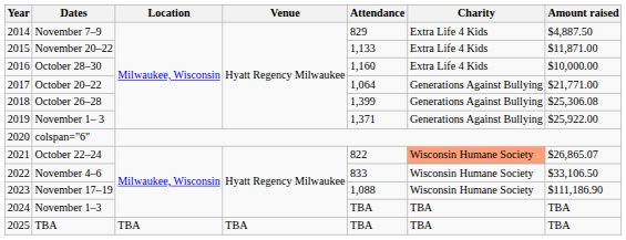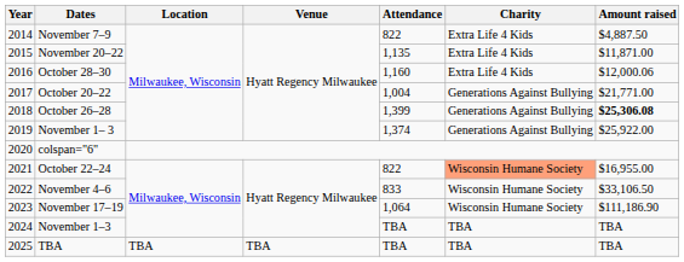 <table class="wikitable" border="1">
 <tr>
 <th>Year</th>
 <th>Dates</th>
 <th>Location</th>
 <th>Venue</th>
 <th>Attendance</th>
 <th>Charity</th>
 <th>Amount raised</th>
 </tr>
 <tr>
 <td>2014</td>
 <td>November 7–9</td>
 <td rowspan="6"><a href='#'>Milwaukee, Wisconsin</a></td>
 <td rowspan="6">Hyatt Regency Milwaukee</td>
-<td>829</td>
+<td>822</td>
 <td>Extra Life 4 Kids</td>
 <td>$4,887.50</td>
 </tr>
 <tr>
 <td>2015</td>
 <td>November 20–22</td>
-<td>1,133</td>
+<td>1,135</td>
 <td>Extra Life 4 Kids</td>
 <td>$11,871.00</td>
 </tr>
 <tr>
 <td>2016</td>
 <td>October 28–30</td>
 <td>1,160</td>
 <td>Extra Life 4 Kids</td>
-<td>$10,000.00</td>
+<td>$12,000.06</td>
 </tr>
 <tr>
 <td>2017</td>
 <td>October 20–22</td>
-<td>1,064</td>
+<td>1,004</td>
 <td>Generations Against Bullying</td>
 <td>$21,771.00</td>
 </tr>
 <tr>
 <td>2018</td>
 <td>October 26–28</td>
 <td>1,399</td>
 <td>Generations Against Bullying</td>
-<td>$25,306.08</td>
+<td><strong>$25,306.08</strong></td>
 </tr>
 <tr>
 <td>2019</td>
 <td>November 1– 3</td>
-<td>1,371</td>
+<td>1,374</td>
 <td>Generations Against Bullying</td>
 <td>$25,922.00</td>
 </tr>
 <tr>
 <td>2020</td>
 <td>colspan="6" </td>
 </tr>
 <tr>
 <td>2021</td>
 <td>October 22–24</td>
 <td rowspan="4"><a href='#'>Milwaukee, Wisconsin</a></td>
 <td rowspan="4">Hyatt Regency Milwaukee</td>
 <td>822</td>
 <td style="background: lightsalmon;">Wisconsin Humane Society</td>
-<td>$26,865.07</td>
+<td>$16,955.00</td>
 </tr>
 <tr>
 <td>2022</td>
 <td>November 4–6</td>
 <td>833</td>
 <td>Wisconsin Humane Society</td>
 <td>$33,106.50</td>
 </tr>
 <tr>
 <td>2023</td>
 <td>November 17–19</td>
-<td>1,088</td>
+<td>1,064</td>
 <td>Wisconsin Humane Society</td>
 <td>$111,186.90</td>
 </tr>
 <tr>
 <td>2024</td>
 <td>November 1–3</td>
 <td>TBA</td>
 <td>TBA</td>
 <td>TBA</td>
 </tr>
 <tr>
 <td>2025</td>
 <td>TBA</td>
 <td>TBA</td>
 <td>TBA</td>
 <td>TBA</td>
 <td>TBA</td>
 <td>TBA</td>
 </tr>
 </table>
